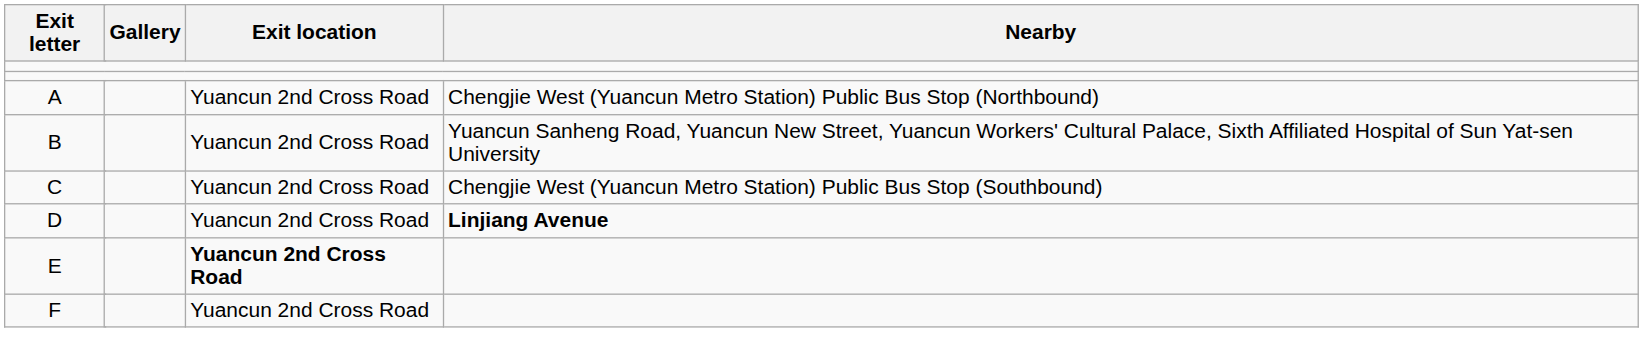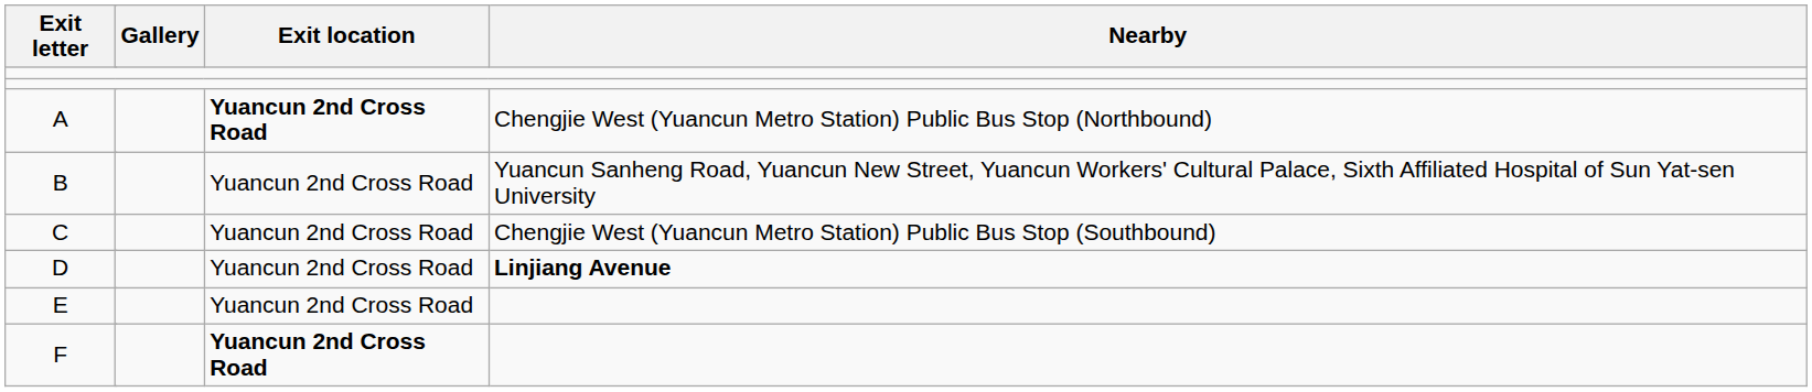 <table class="wikitable">
 <tr>
 <th style="width:70px" colspan="3">Exit letter</th>
 <th>Gallery</th>
 <th>Exit location</th>
 <th>Nearby</th>
 </tr>
 <tr style="background:#">
 <td colspan = "6"></td>
 </tr>
 <tr style="background:#">
 <td colspan = "6"></td>
 </tr>
 <tr>
 <td align="center" colspan="3">A</td>
 <td></td>
-<td>Yuancun 2nd Cross Road</td>
+<td><strong>Yuancun 2nd Cross Road</strong></td>
 <td>Chengjie West (Yuancun Metro Station) Public Bus Stop (Northbound)</td>
 </tr>
 <tr>
 <td align="center" colspan="3">B</td>
 <td></td>
 <td>Yuancun 2nd Cross Road</td>
 <td>Yuancun Sanheng Road, Yuancun New Street, Yuancun Workers' Cultural Palace, Sixth Affiliated Hospital of Sun Yat-sen University</td>
 </tr>
 <tr>
 <td align="center" colspan="3">C</td>
 <td></td>
 <td>Yuancun 2nd Cross Road</td>
 <td>Chengjie West (Yuancun Metro Station) Public Bus Stop (Southbound)</td>
 </tr>
 <tr>
 <td align="center" colspan="3">D</td>
 <td></td>
 <td>Yuancun 2nd Cross Road</td>
 <td><strong>Linjiang Avenue</strong></td>
 </tr>
 <tr>
 <td align="center" colspan="3">E</td>
 <td><br></td>
-<td><strong>Yuancun 2nd Cross Road</strong></td>
+<td>Yuancun 2nd Cross Road</td>
 <td></td>
 </tr>
 <tr>
 <td align="center" colspan="3">F</td>
 <td></td>
-<td>Yuancun 2nd Cross Road</td>
+<td><strong>Yuancun 2nd Cross Road</strong></td>
 <td></td>
 </tr>
 </table>
